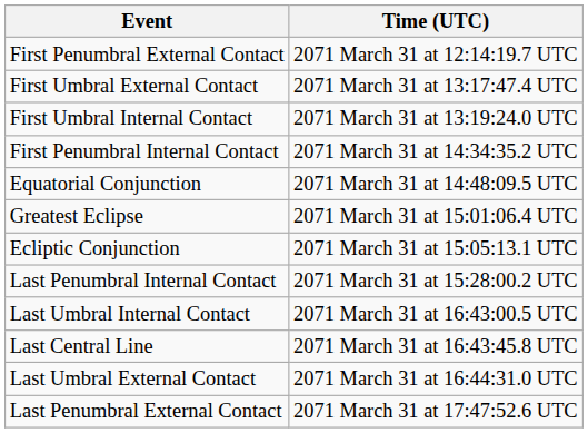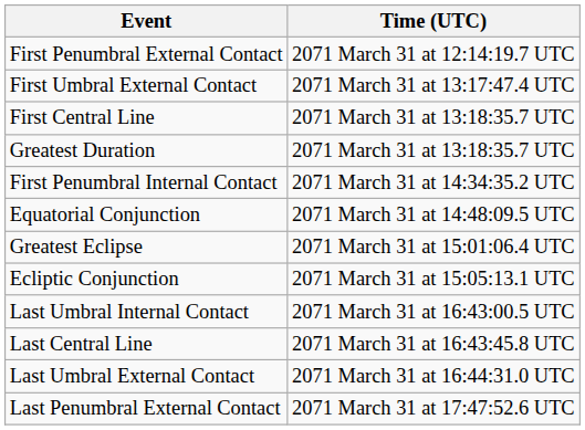 <table class="wikitable">
 <tr>
 <th>Event</th>
 <th>Time (UTC)</th>
 </tr>
 <tr>
 <td>First Penumbral External Contact</td>
 <td>2071 March 31 at 12:14:19.7 UTC</td>
 </tr>
 <tr>
 <td>First Umbral External Contact</td>
 <td>2071 March 31 at 13:17:47.4 UTC</td>
 </tr>
 <tr>
-<td>First Umbral Internal Contact</td>
-<td>2071 March 31 at 13:19:24.0 UTC</td>
+<td>First Central Line</td>
+<td>2071 March 31 at 13:18:35.7 UTC</td>
+</tr>
+<tr>
+<td>Greatest Duration</td>
+<td>2071 March 31 at 13:18:35.7 UTC</td>
 </tr>
 <tr>
 <td>First Penumbral Internal Contact</td>
 <td>2071 March 31 at 14:34:35.2 UTC</td>
 </tr>
 <tr>
 <td>Equatorial Conjunction</td>
 <td>2071 March 31 at 14:48:09.5 UTC</td>
 </tr>
 <tr>
 <td>Greatest Eclipse</td>
 <td>2071 March 31 at 15:01:06.4 UTC</td>
 </tr>
 <tr>
 <td>Ecliptic Conjunction</td>
 <td>2071 March 31 at 15:05:13.1 UTC</td>
 </tr>
 <tr>
-<td>Last Penumbral Internal Contact</td>
-<td>2071 March 31 at 15:28:00.2 UTC</td>
-</tr>
-<tr>
 <td>Last Umbral Internal Contact</td>
 <td>2071 March 31 at 16:43:00.5 UTC</td>
 </tr>
 <tr>
 <td>Last Central Line</td>
 <td>2071 March 31 at 16:43:45.8 UTC</td>
 </tr>
 <tr>
 <td>Last Umbral External Contact</td>
 <td>2071 March 31 at 16:44:31.0 UTC</td>
 </tr>
 <tr>
 <td>Last Penumbral External Contact</td>
 <td>2071 March 31 at 17:47:52.6 UTC</td>
 </tr>
 </table>
